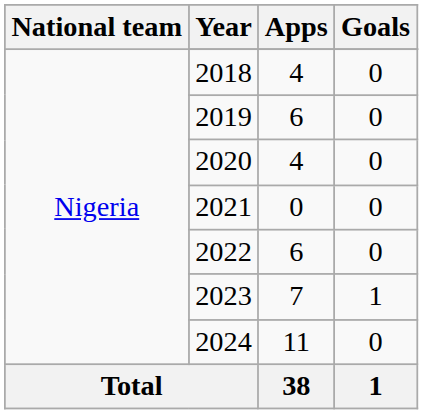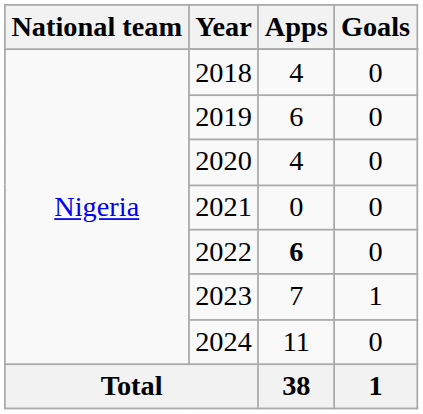 <table class=wikitable style=text-align:center>
 <tr>
 <th>National team</th>
 <th>Year</th>
 <th>Apps</th>
 <th>Goals</th>
 </tr>
 <tr>
 <td rowspan=8><a href='#'>Nigeria</a></td>
 </tr>
 <tr>
 <td>2018</td>
 <td>4</td>
 <td>0</td>
 </tr>
 <tr>
 <td>2019</td>
 <td>6</td>
 <td>0</td>
 </tr>
 <tr>
 <td>2020</td>
 <td>4</td>
 <td>0</td>
 </tr>
 <tr>
 <td>2021</td>
 <td>0</td>
 <td>0</td>
 </tr>
 <tr>
 <td>2022</td>
-<td>6</td>
+<td><strong>6</strong></td>
 <td>0</td>
 </tr>
 <tr>
 <td>2023</td>
 <td>7</td>
 <td>1</td>
 </tr>
 <tr>
 <td>2024</td>
 <td>11</td>
 <td>0</td>
 </tr>
 <tr>
 <th colspan="2">Total</th>
 <th>38</th>
 <th>1</th>
 </tr>
 </table>
